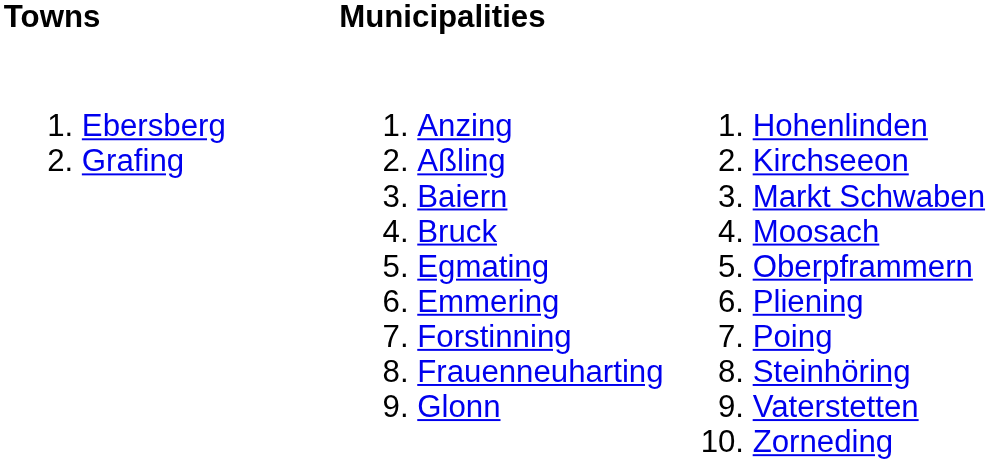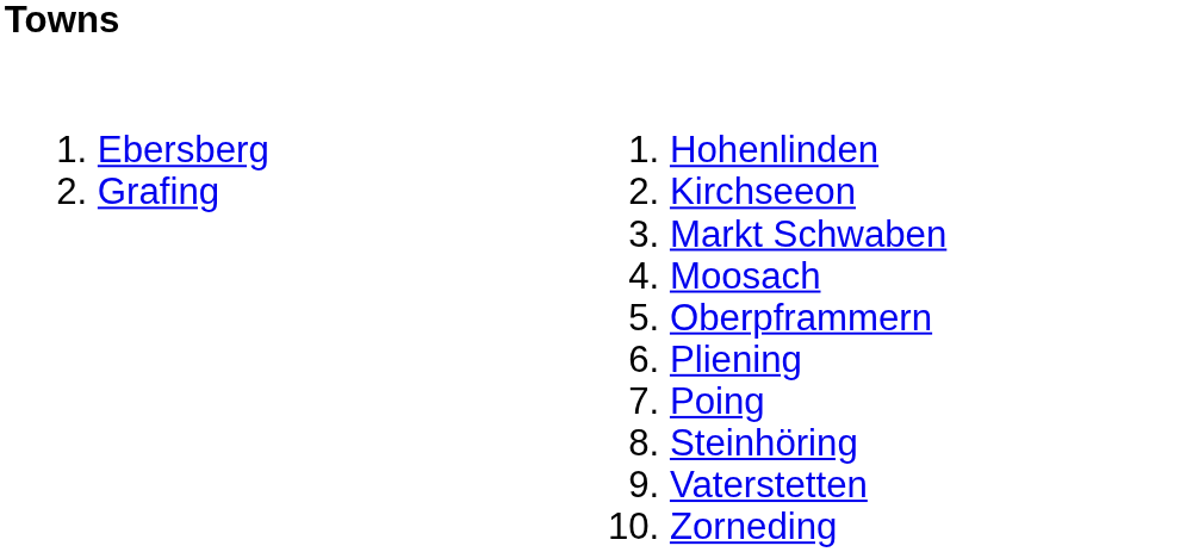 <table>
 <tr>
 <th align=left width=33%>Towns</th>
-<th align=left width=33%>Municipalities</th>
 <th align=left width=33%></th>
 </tr>
 <tr valign=top>
 <td><br><ol><li><a href='#'>Ebersberg</a></li><li><a href='#'>Grafing</a></li></ol></td>
-<td><br><ol><li><a href='#'>Anzing</a></li><li><a href='#'>Aßling</a></li><li><a href='#'>Baiern</a></li><li><a href='#'>Bruck</a></li><li><a href='#'>Egmating</a></li><li><a href='#'>Emmering</a></li><li><a href='#'>Forstinning</a></li><li><a href='#'>Frauenneuharting</a></li><li><a href='#'>Glonn</a></li></ol></td>
 <td><br><ol> <li> <a href='#'>Hohenlinden</a> <li> <a href='#'>Kirchseeon</a> <li> <a href='#'>Markt Schwaben</a> <li> <a href='#'>Moosach</a> <li> <a href='#'>Oberpframmern</a> <li> <a href='#'>Pliening</a> <li> <a href='#'>Poing</a> <li> <a href='#'>Steinhöring</a> <li> <a href='#'>Vaterstetten</a> <li> <a href='#'>Zorneding</a> </ol></td>
 </tr>
 </table>
